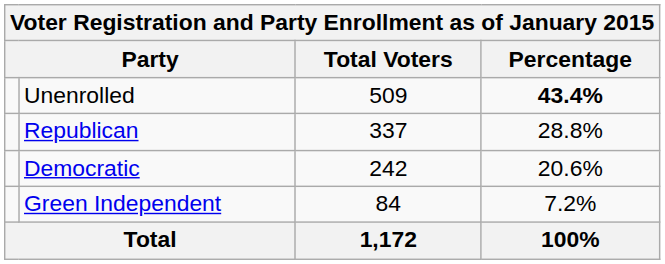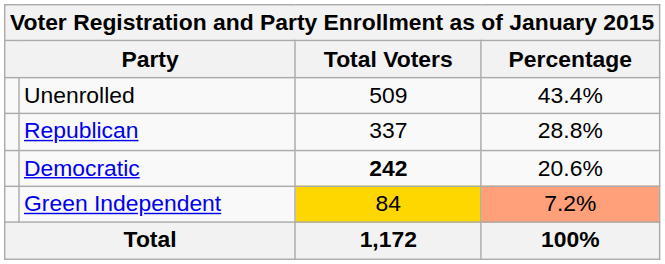 <table class=wikitable>
 <tr>
 <th colspan = 6>Voter Registration and Party Enrollment as of January 2015</th>
 </tr>
 <tr>
 <th colspan = 2>Party</th>
 <th>Total Voters</th>
 <th>Percentage</th>
 </tr>
 <tr>
 <td></td>
 <td>Unenrolled</td>
 <td align = center>509</td>
-<td align = center><strong>43.4%</strong></td>
+<td align = center>43.4%</td>
 </tr>
 <tr>
 <td></td>
 <td><a href='#'>Republican</a></td>
 <td align = center>337</td>
 <td align = center>28.8%</td>
 </tr>
 <tr>
 <td></td>
 <td><a href='#'>Democratic</a></td>
-<td align = center>242</td>
+<td align = center><strong>242</strong></td>
 <td align = center>20.6%</td>
 </tr>
 <tr>
 <td></td>
 <td><a href='#'>Green Independent</a></td>
-<td align = center>84</td>
-<td align = center>7.2%</td>
+<td align = center style="background: gold;">84</td>
+<td align = center style="background: lightsalmon;">7.2%</td>
 </tr>
 <tr>
 <th colspan = 2>Total</th>
 <th align = center>1,172</th>
 <th align = center>100%</th>
 </tr>
 </table>
